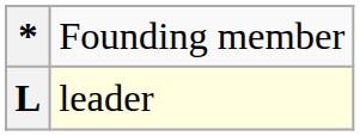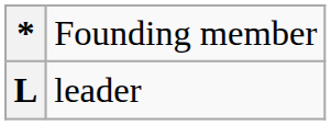 <table class="wikitable">
 <tr>
 <th>*</th>
 <td>Founding member</td>
 </tr>
 <tr>
 <th>L</th>
-<td style="background: lightyellow;">leader</td>
+<td>leader</td>
 </tr>
 </table>
